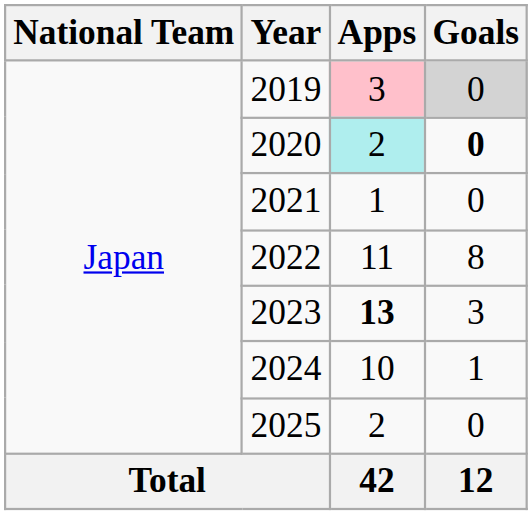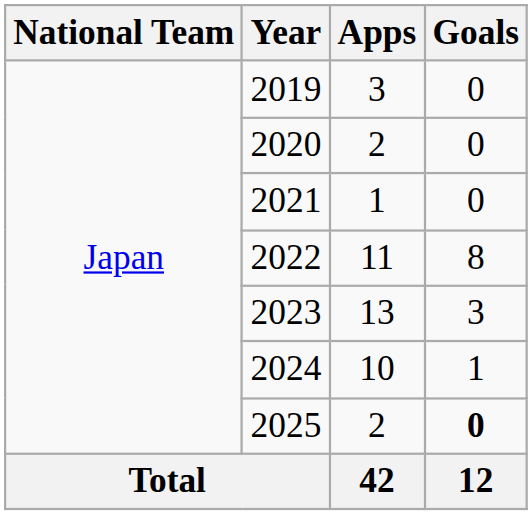 <table class="wikitable" style="text-align:center">
 <tr>
 <th>National Team</th>
 <th>Year</th>
 <th>Apps</th>
 <th>Goals</th>
 </tr>
 <tr>
 <td rowspan="7"><a href='#'>Japan</a></td>
 <td>2019</td>
-<td style="background: pink;">3</td>
-<td style="background: lightgrey;">0</td>
+<td>3</td>
+<td>0</td>
 </tr>
 <tr>
 <td>2020</td>
-<td style="background: paleturquoise;">2</td>
-<td><strong>0</strong></td>
+<td>2</td>
+<td>0</td>
 </tr>
 <tr>
 <td>2021</td>
 <td>1</td>
 <td>0</td>
 </tr>
 <tr>
 <td>2022</td>
 <td>11</td>
 <td>8</td>
 </tr>
 <tr>
 <td>2023</td>
-<td><strong>13</strong></td>
+<td>13</td>
 <td>3</td>
 </tr>
 <tr>
 <td>2024</td>
 <td>10</td>
 <td>1</td>
 </tr>
 <tr>
 <td>2025</td>
 <td>2</td>
-<td>0</td>
+<td><strong>0</strong></td>
 </tr>
 <tr>
 <th colspan="2">Total</th>
 <th>42</th>
 <th>12</th>
 </tr>
 </table>
